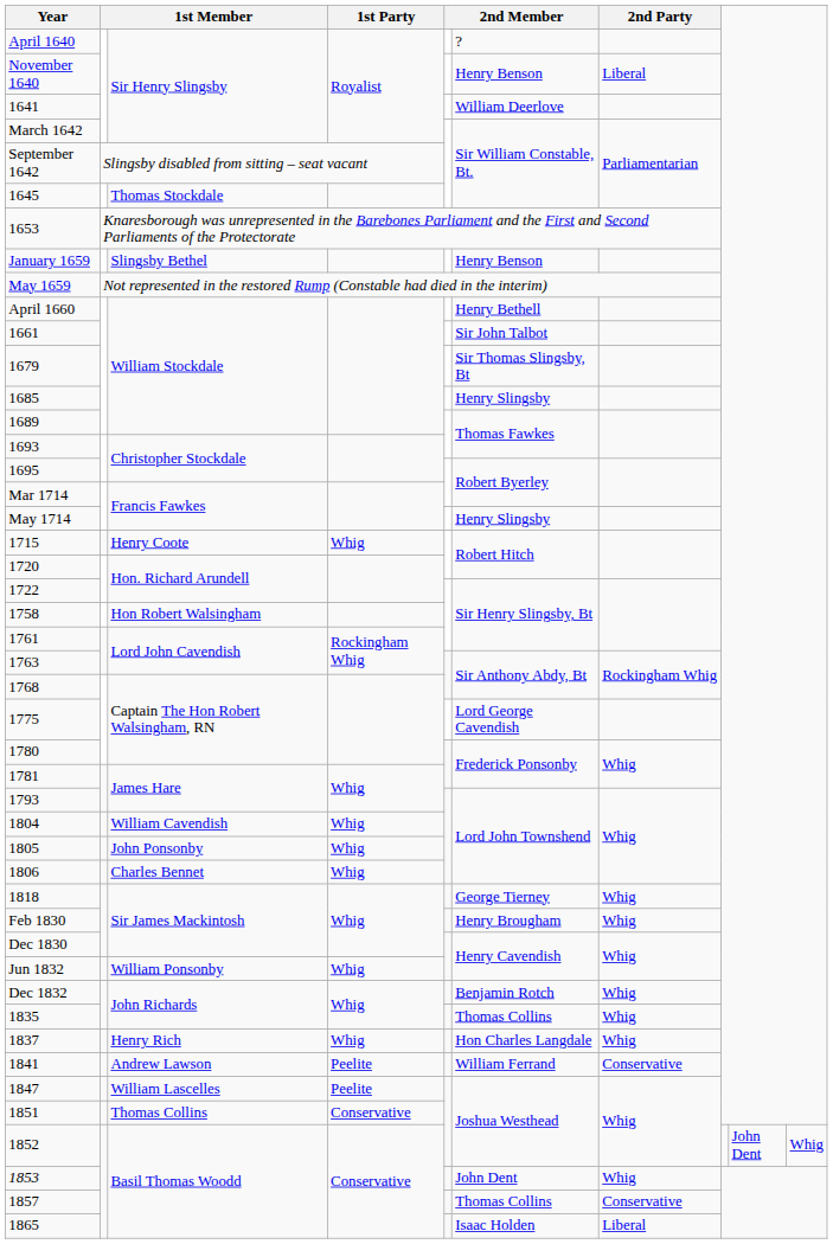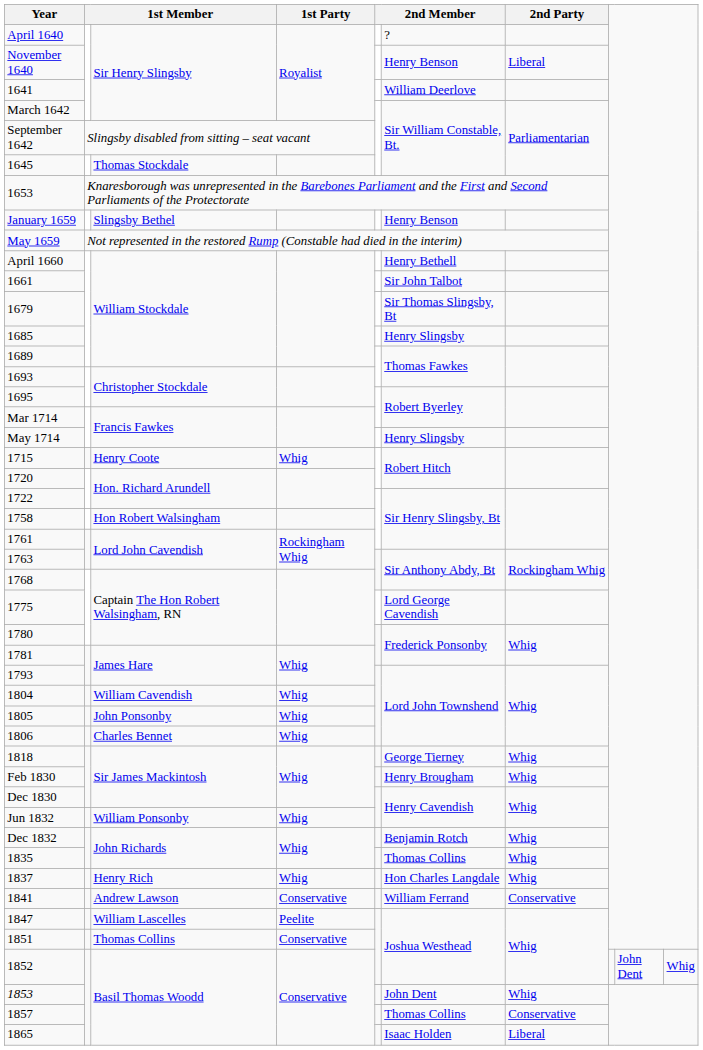 <table class="wikitable">
 <tr>
 <th>Year</th>
 <th colspan="2">1st Member</th>
 <th>1st Party</th>
 <th colspan="2">2nd Member</th>
 <th>2nd Party</th>
 </tr>
 <tr>
 <td><a href='#'>April 1640</a></td>
 <td rowspan="4" style="color:inherit;background-color: white"></td>
 <td rowspan="4"><a href='#'>Sir Henry Slingsby</a></td>
 <td rowspan="4"><a href='#'>Royalist</a></td>
 <td style="color:inherit;background-color: white"></td>
 <td>?</td>
 <td></td>
 </tr>
 <tr>
 <td><a href='#'>November 1640</a></td>
 <td style="color:inherit;background-color: white"></td>
 <td><a href='#'>Henry Benson</a></td>
 <td><a href='#'>Liberal</a></td>
 </tr>
 <tr>
 <td>1641</td>
 <td style="color:inherit;background-color: white"></td>
 <td><a href='#'>William Deerlove</a></td>
 <td></td>
 </tr>
 <tr>
 <td>March 1642</td>
 <td rowspan="3" style="color:inherit;background-color: white"></td>
 <td rowspan="3"><a href='#'>Sir William Constable, Bt.</a></td>
 <td rowspan="3"><a href='#'>Parliamentarian</a></td>
 </tr>
 <tr>
 <td>September 1642</td>
 <td colspan="3"><em>Slingsby disabled from sitting – seat vacant</em></td>
 </tr>
 <tr>
 <td>1645</td>
 <td style="color:inherit;background-color: white"></td>
 <td><a href='#'>Thomas Stockdale</a></td>
 <td></td>
 </tr>
 <tr>
 <td>1653</td>
 <td colspan="6"><em>Knaresborough was unrepresented in the <a href='#'>Barebones Parliament</a> and the <a href='#'>First</a> and <a href='#'>Second</a> Parliaments of the Protectorate</em></td>
 </tr>
 <tr>
 <td><a href='#'>January 1659</a></td>
 <td style="color:inherit;background-color: white"></td>
 <td><a href='#'>Slingsby Bethel</a></td>
 <td></td>
 <td style="color:inherit;background-color: white"></td>
 <td><a href='#'>Henry Benson</a></td>
 <td></td>
 </tr>
 <tr>
 <td><a href='#'>May 1659</a></td>
 <td colspan="6"><em>Not represented in the restored <a href='#'>Rump</a> (Constable had died in the interim)</em></td>
 </tr>
 <tr>
 <td>April 1660</td>
 <td rowspan="5" style="color:inherit;background-color: white"></td>
 <td rowspan="5"><a href='#'>William Stockdale</a></td>
 <td rowspan="5"></td>
 <td style="color:inherit;background-color: white"></td>
 <td><a href='#'>Henry Bethell</a></td>
 <td></td>
 </tr>
 <tr>
 <td>1661</td>
 <td style="color:inherit;background-color: white"></td>
 <td><a href='#'>Sir John Talbot</a></td>
 <td></td>
 </tr>
 <tr>
 <td>1679</td>
 <td style="color:inherit;background-color: white"></td>
 <td><a href='#'>Sir Thomas Slingsby, Bt</a></td>
 <td></td>
 </tr>
 <tr>
 <td>1685</td>
 <td style="color:inherit;background-color: white"></td>
 <td><a href='#'>Henry Slingsby</a></td>
 <td></td>
 </tr>
 <tr>
 <td>1689</td>
 <td rowspan="2" style="color:inherit;background-color: white"></td>
 <td rowspan="2"><a href='#'>Thomas Fawkes</a></td>
 <td rowspan="2"></td>
 </tr>
 <tr>
 <td>1693</td>
 <td rowspan="2" style="color:inherit;background-color: white"></td>
 <td rowspan="2"><a href='#'>Christopher Stockdale</a></td>
 <td rowspan="2"></td>
 </tr>
 <tr>
 <td>1695</td>
 <td rowspan="2" style="color:inherit;background-color: white"></td>
 <td rowspan="2"><a href='#'>Robert Byerley</a></td>
 <td rowspan="2"></td>
 </tr>
 <tr>
 <td>Mar 1714</td>
 <td rowspan="2" style="color:inherit;background-color: white"></td>
 <td rowspan="2"><a href='#'>Francis Fawkes</a></td>
 <td rowspan="2"></td>
 </tr>
 <tr>
 <td>May 1714</td>
 <td style="color:inherit;background-color: white"></td>
 <td><a href='#'>Henry Slingsby</a></td>
 <td></td>
 </tr>
 <tr>
 <td>1715</td>
 <td style="color:inherit;background-color: "></td>
 <td><a href='#'>Henry Coote</a></td>
 <td><a href='#'>Whig</a></td>
 <td rowspan="2" style="color:inherit;background-color: white"></td>
 <td rowspan="2"><a href='#'>Robert Hitch</a></td>
 <td rowspan="2"></td>
 </tr>
 <tr>
 <td>1720</td>
 <td rowspan="2" style="color:inherit;background-color: white"></td>
 <td rowspan="2"><a href='#'>Hon. Richard Arundell</a></td>
 <td rowspan="2"></td>
 </tr>
 <tr>
 <td>1722</td>
 <td rowspan="3" style="color:inherit;background-color: white"></td>
 <td rowspan="3"><a href='#'>Sir Henry Slingsby, Bt</a></td>
 <td rowspan="3"></td>
 </tr>
 <tr>
 <td>1758</td>
 <td style="color:inherit;background-color: white"></td>
 <td><a href='#'>Hon Robert Walsingham</a></td>
 <td></td>
 </tr>
 <tr>
 <td>1761</td>
 <td rowspan="2" style="color:inherit;background-color: "></td>
 <td rowspan="2"><a href='#'>Lord John Cavendish</a></td>
 <td rowspan="2"><a href='#'>Rockingham Whig</a></td>
 </tr>
 <tr>
 <td>1763</td>
 <td rowspan="2" style="color:inherit;background-color: "></td>
 <td rowspan="2"><a href='#'>Sir Anthony Abdy, Bt</a></td>
 <td rowspan="2"><a href='#'>Rockingham Whig</a></td>
 </tr>
 <tr>
 <td>1768</td>
 <td rowspan="3" style="color:inherit;background-color: white"></td>
 <td rowspan="3">Captain <a href='#'>The Hon Robert Walsingham</a>, RN</td>
 <td rowspan="3"></td>
 </tr>
 <tr>
 <td>1775</td>
 <td style="color:inherit;background-color: white"></td>
 <td><a href='#'>Lord George Cavendish</a></td>
 <td></td>
 </tr>
 <tr>
 <td>1780</td>
 <td rowspan="2" style="color:inherit;background-color: "></td>
 <td rowspan="2"><a href='#'>Frederick Ponsonby</a></td>
 <td rowspan="2"><a href='#'>Whig</a></td>
 </tr>
 <tr>
 <td>1781</td>
 <td rowspan="2" style="color:inherit;background-color: "></td>
 <td rowspan="2"><a href='#'>James Hare</a></td>
 <td rowspan="2"><a href='#'>Whig</a></td>
 </tr>
 <tr>
 <td>1793</td>
 <td rowspan="4" style="color:inherit;background-color: "></td>
 <td rowspan="4"><a href='#'>Lord John Townshend</a></td>
 <td rowspan="4"><a href='#'>Whig</a></td>
 </tr>
 <tr>
 <td>1804</td>
 <td style="color:inherit;background-color: "></td>
 <td><a href='#'>William Cavendish</a></td>
 <td><a href='#'>Whig</a></td>
 </tr>
 <tr>
 <td>1805</td>
 <td style="color:inherit;background-color: "></td>
 <td><a href='#'>John Ponsonby</a></td>
 <td><a href='#'>Whig</a></td>
 </tr>
 <tr>
 <td>1806</td>
 <td style="color:inherit;background-color: "></td>
 <td><a href='#'>Charles Bennet</a></td>
 <td><a href='#'>Whig</a></td>
 </tr>
 <tr>
 <td>1818</td>
 <td rowspan="3" style="color:inherit;background-color: "></td>
 <td rowspan="3"><a href='#'>Sir James Mackintosh</a></td>
 <td rowspan="3"><a href='#'>Whig</a></td>
 <td style="color:inherit;background-color: "></td>
 <td><a href='#'>George Tierney</a></td>
 <td><a href='#'>Whig</a></td>
 </tr>
 <tr>
 <td>Feb 1830</td>
 <td style="color:inherit;background-color: "></td>
 <td><a href='#'>Henry Brougham</a></td>
 <td><a href='#'>Whig</a></td>
 </tr>
 <tr>
 <td>Dec 1830</td>
 <td rowspan="2" style="color:inherit;background-color: "></td>
 <td rowspan="2"><a href='#'>Henry Cavendish</a></td>
 <td rowspan="2"><a href='#'>Whig</a></td>
 </tr>
 <tr>
 <td>Jun 1832</td>
 <td style="color:inherit;background-color: "></td>
 <td><a href='#'>William Ponsonby</a></td>
 <td><a href='#'>Whig</a></td>
 </tr>
 <tr>
 <td>Dec 1832</td>
 <td rowspan="2" style="color:inherit;background-color: "></td>
 <td rowspan="2"><a href='#'>John Richards</a></td>
 <td rowspan="2"><a href='#'>Whig</a></td>
 <td style="color:inherit;background-color: "></td>
 <td><a href='#'>Benjamin Rotch</a></td>
 <td><a href='#'>Whig</a></td>
 </tr>
 <tr>
 <td>1835</td>
 <td style="color:inherit;background-color: "></td>
 <td><a href='#'>Thomas Collins</a></td>
 <td><a href='#'>Whig</a></td>
 </tr>
 <tr>
 <td>1837</td>
 <td style="color:inherit;background-color: "></td>
 <td><a href='#'>Henry Rich</a></td>
 <td><a href='#'>Whig</a></td>
 <td style="color:inherit;background-color: "></td>
 <td><a href='#'>Hon Charles Langdale</a></td>
 <td><a href='#'>Whig</a></td>
 </tr>
 <tr>
 <td>1841</td>
 <td style="color:inherit;background-color: "></td>
 <td><a href='#'>Andrew Lawson</a></td>
-<td><a href='#'>Peelite</a></td>
+<td><a href='#'>Conservative</a></td>
 <td style="color:inherit;background-color: "></td>
 <td><a href='#'>William Ferrand</a></td>
 <td><a href='#'>Conservative</a></td>
 </tr>
 <tr>
 <td>1847</td>
 <td style="color:inherit;background-color: "></td>
 <td><a href='#'>William Lascelles</a></td>
 <td><a href='#'>Peelite</a></td>
 <td rowspan="3" style="color:inherit;background-color: "></td>
 <td rowspan="3"><a href='#'>Joshua Westhead</a></td>
 <td rowspan="3"><a href='#'>Whig</a></td>
 </tr>
 <tr>
 <td>1851</td>
 <td style="color:inherit;background-color: "></td>
 <td><a href='#'>Thomas Collins</a></td>
 <td><a href='#'>Conservative</a></td>
 </tr>
 <tr>
 <td>1852</td>
 <td rowspan="4" style="color:inherit;background-color: "></td>
 <td rowspan="4"><a href='#'>Basil Thomas Woodd</a></td>
 <td rowspan="4"><a href='#'>Conservative</a></td>
 <td style="color:inherit;background-color: "></td>
 <td><a href='#'>John Dent</a></td>
 <td><a href='#'>Whig</a></td>
 </tr>
 <tr>
 <td><em>1853</em></td>
 <td style="color:inherit;background-color: "></td>
 <td><a href='#'>John Dent</a></td>
 <td><a href='#'>Whig</a></td>
 </tr>
 <tr>
 <td>1857</td>
 <td style="color:inherit;background-color: "></td>
 <td><a href='#'>Thomas Collins</a></td>
 <td><a href='#'>Conservative</a></td>
 </tr>
 <tr>
 <td>1865</td>
 <td style="color:inherit;background-color: "></td>
 <td><a href='#'>Isaac Holden</a></td>
 <td><a href='#'>Liberal</a></td>
 </tr>
 </table>
